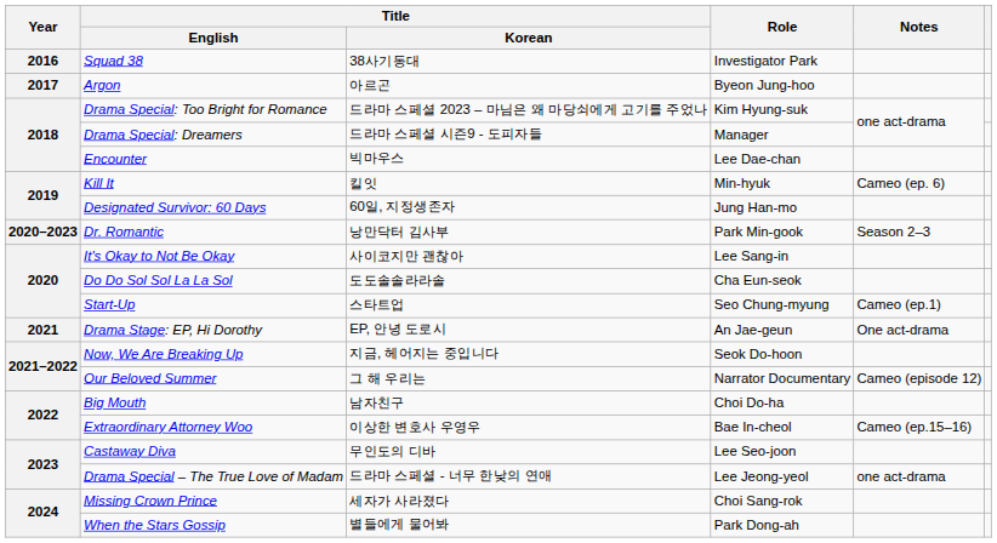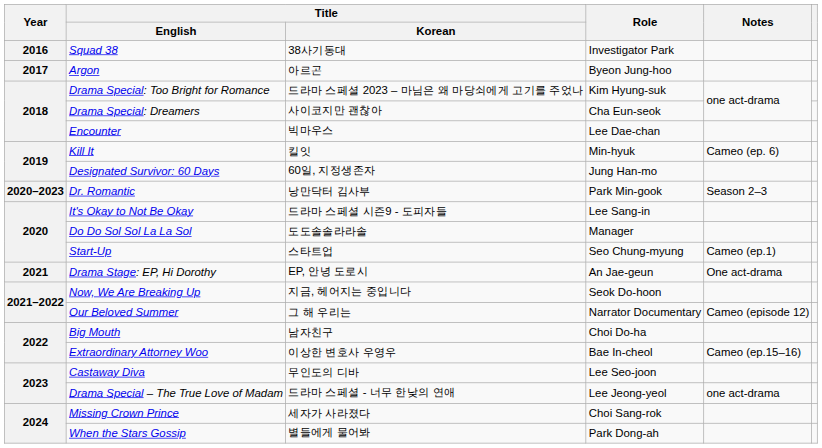 <table class="wikitable sortable plainrowheaders">
 <tr>
 <th scope="col" rowspan="2">Year</th>
 <th scope="col" colspan="2">Title</th>
 <th scope="col" rowspan="2">Role</th>
 <th scope="col" rowspan="2" class="unsortable">Notes</th>
 <th scope="col" rowspan="2" class="unsortable"></th>
 </tr>
 <tr>
 <th>English</th>
 <th>Korean</th>
 </tr>
 <tr>
 <th scope="row">2016</th>
 <td><em><a href='#'>Squad 38</a></em></td>
 <td>38사기동대</td>
 <td>Investigator Park</td>
 <td></td>
 <td style="text-align:center"></td>
 </tr>
 <tr>
 <th scope="row">2017</th>
 <td><em><a href='#'>Argon</a></em></td>
 <td>아르곤</td>
 <td>Byeon Jung-hoo</td>
 <td></td>
 <td style="text-align:center"></td>
 </tr>
 <tr>
 <th scope="row" rowspan="3">2018</th>
 <td><em><a href='#'>Drama Special</a>: Too Bright for Romance</em></td>
 <td>드라마 스페셜 2023 – 마님은 왜 마당쇠에게 고기를 주었나</td>
 <td>Kim Hyung-suk</td>
 <td rowspan="2">one act-drama</td>
 <td style="text-align:center"></td>
 </tr>
 <tr>
 <td><em><a href='#'>Drama Special</a>: Dreamers</em></td>
-<td>드라마 스페셜 시즌9 - 도피자들</td>
-<td>Manager</td>
+<td>사이코지만 괜찮아</td>
+<td>Cha Eun-seok</td>
 <td style="text-align:center"></td>
 </tr>
 <tr>
 <td><em><a href='#'>Encounter</a></em></td>
 <td>빅마우스</td>
 <td>Lee Dae-chan</td>
 <td></td>
 <td style="text-align:center"></td>
 </tr>
 <tr>
 <th scope="row" rowspan="2">2019</th>
 <td><em><a href='#'>Kill It</a></em></td>
 <td>킬잇</td>
 <td>Min-hyuk</td>
 <td>Cameo (ep. 6)</td>
 <td style="text-align:center"></td>
 </tr>
 <tr>
 <td><em><a href='#'>Designated Survivor: 60 Days</a></em></td>
 <td>60일, 지정생존자</td>
 <td>Jung Han-mo</td>
 <td></td>
 <td style="text-align:center"></td>
 </tr>
 <tr>
 <th scope="row">2020–2023</th>
 <td><em><a href='#'>Dr. Romantic</a></em></td>
 <td>낭만닥터 김사부</td>
 <td>Park Min-gook</td>
 <td>Season 2–3</td>
 <td style="text-align:center"></td>
 </tr>
 <tr>
 <th scope="row" rowspan="3">2020</th>
 <td><em><a href='#'>It's Okay to Not Be Okay</a></em></td>
-<td>사이코지만 괜찮아</td>
+<td>드라마 스페셜 시즌9 - 도피자들</td>
 <td>Lee Sang-in</td>
 <td></td>
 <td style="text-align:center"></td>
 </tr>
 <tr>
 <td><em><a href='#'>Do Do Sol Sol La La Sol</a></em></td>
 <td>도도솔솔라라솔</td>
-<td>Cha Eun-seok</td>
+<td>Manager</td>
 <td></td>
 <td style="text-align:center"></td>
 </tr>
 <tr>
 <td><em><a href='#'>Start-Up</a></em></td>
 <td>스타트업</td>
 <td>Seo Chung-myung</td>
 <td>Cameo (ep.1)</td>
 <td style="text-align:center"></td>
 </tr>
 <tr>
 <th scope="row">2021</th>
 <td><em><a href='#'>Drama Stage</a>: EP, Hi Dorothy</em></td>
 <td>EP, 안녕 도로시</td>
 <td>An Jae-geun</td>
 <td>One act-drama</td>
 <td style="text-align:center"></td>
 </tr>
 <tr>
 <th scope="row" rowspan="2">2021–2022</th>
 <td><em><a href='#'>Now, We Are Breaking Up</a></em></td>
 <td>지금, 헤어지는 중입니다</td>
 <td>Seok Do-hoon</td>
 <td></td>
 <td style="text-align:center"></td>
 </tr>
 <tr>
 <td><em><a href='#'>Our Beloved Summer</a></em></td>
 <td>그 해 우리는</td>
 <td>Narrator Documentary</td>
 <td>Cameo (episode 12)</td>
 <td style="text-align:center"></td>
 </tr>
 <tr>
 <th scope="row"  rowspan="2">2022</th>
 <td><em><a href='#'>Big Mouth</a></em></td>
 <td>남자친구</td>
 <td>Choi Do-ha</td>
 <td></td>
 <td style="text-align:center"></td>
 </tr>
 <tr>
 <td><em><a href='#'>Extraordinary Attorney Woo</a></em></td>
 <td>이상한 변호사 우영우</td>
 <td>Bae In-cheol</td>
 <td>Cameo (ep.15–16)</td>
 <td style="text-align:center"></td>
 </tr>
 <tr>
 <th scope="row"  rowspan="2">2023</th>
 <td><em><a href='#'>Castaway Diva</a></em></td>
 <td>무인도의 디바</td>
 <td>Lee Seo-joon</td>
 <td></td>
 <td style="text-align:center"></td>
 </tr>
 <tr>
 <td><em><a href='#'>Drama Special</a> – The True Love of Madam</em></td>
 <td>드라마 스페셜 - 너무 한낮의 연애</td>
 <td>Lee Jeong-yeol</td>
 <td>one act-drama</td>
 <td style="text-align:center"></td>
 </tr>
 <tr>
 <th scope="row" rowspan="2">2024</th>
 <td><em><a href='#'>Missing Crown Prince</a></em></td>
 <td>세자가 사라졌다</td>
 <td>Choi Sang-rok</td>
 <td></td>
 <td style="text-align:center"></td>
 </tr>
 <tr>
 <td><em><a href='#'>When the Stars Gossip</a></em></td>
 <td>별들에게 물어봐</td>
 <td>Park Dong-ah</td>
 <td></td>
 <td></td>
 </tr>
 </table>
